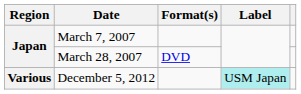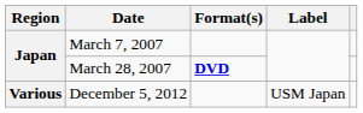 <table class="wikitable plainrowheaders">
 <tr>
 <th scope="col">Region</th>
 <th scope="col">Date</th>
 <th scope="col">Format(s)</th>
 <th scope="col">Label</th>
 <th scope="col"></th>
 </tr>
 <tr>
 <th rowspan="2" scope="row">Japan</th>
 <td>March 7, 2007</td>
 <td></td>
 <td rowspan="2"></td>
 <td></td>
 </tr>
 <tr>
 <td>March 28, 2007</td>
-<td><a href='#'>DVD</a></td>
+<td><strong><a href='#'>DVD</a></strong></td>
 <td></td>
 </tr>
 <tr>
 <th rowspan="2" scope="row">Various</th>
 <td>December 5, 2012</td>
 <td></td>
-<td style="background: paleturquoise;">USM Japan</td>
+<td>USM Japan</td>
 <td></td>
 </tr>
 </table>
